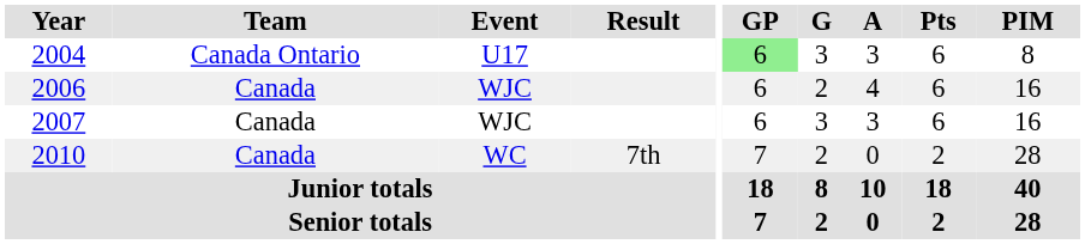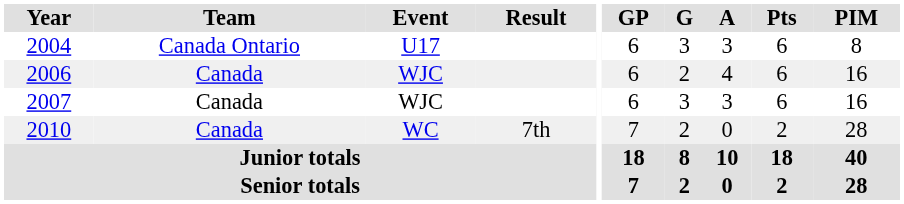 <table border="0" cellpadding="1" cellspacing="0" ID="Table3" style="text-align:center; width:40em">
 <tr ALIGN="centre" bgcolor="#e0e0e0">
 <th>Year</th>
 <th>Team</th>
 <th>Event</th>
 <th>Result</th>
 <th rowspan="99" bgcolor="#ffffff"></th>
 <th>GP</th>
 <th>G</th>
 <th>A</th>
 <th>Pts</th>
 <th>PIM</th>
 </tr>
 <tr>
 <td><a href='#'>2004</a></td>
 <td><a href='#'>Canada Ontario</a></td>
 <td><a href='#'>U17</a></td>
 <td></td>
-<td style="background: lightgreen;">6</td>
+<td>6</td>
 <td>3</td>
 <td>3</td>
 <td>6</td>
 <td>8</td>
 </tr>
 <tr bgcolor="#f0f0f0">
 <td><a href='#'>2006</a></td>
 <td><a href='#'>Canada</a></td>
 <td><a href='#'>WJC</a></td>
 <td></td>
 <td>6</td>
 <td>2</td>
 <td>4</td>
 <td>6</td>
 <td>16</td>
 </tr>
 <tr>
 <td><a href='#'>2007</a></td>
 <td>Canada</td>
 <td>WJC</td>
 <td></td>
 <td>6</td>
 <td>3</td>
 <td>3</td>
 <td>6</td>
 <td>16</td>
 </tr>
 <tr bgcolor="#f0f0f0">
 <td><a href='#'>2010</a></td>
 <td><a href='#'>Canada</a></td>
 <td><a href='#'>WC</a></td>
 <td>7th</td>
 <td>7</td>
 <td>2</td>
 <td>0</td>
 <td>2</td>
 <td>28</td>
 </tr>
 <tr bgcolor="#e0e0e0">
 <th colspan=4>Junior totals</th>
 <th>18</th>
 <th>8</th>
 <th>10</th>
 <th>18</th>
 <th>40</th>
 </tr>
 <tr bgcolor="#e0e0e0">
 <th colspan=4>Senior totals</th>
 <th>7</th>
 <th>2</th>
 <th>0</th>
 <th>2</th>
 <th>28</th>
 </tr>
 </table>
